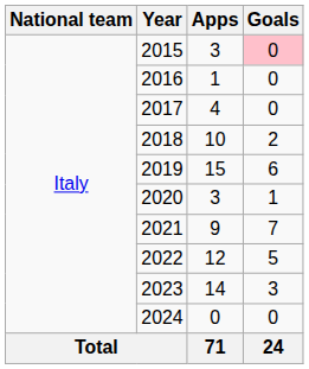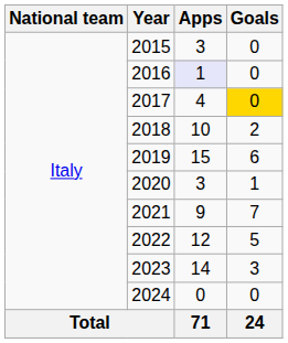 <table class="wikitable" style="text-align:center">
 <tr>
 <th>National team</th>
 <th>Year</th>
 <th>Apps</th>
 <th>Goals</th>
 </tr>
 <tr>
 <td rowspan="10"><a href='#'>Italy</a></td>
 <td>2015</td>
 <td>3</td>
-<td style="background: pink;">0</td>
+<td>0</td>
 </tr>
 <tr>
 <td>2016</td>
-<td>1</td>
+<td style="background: lavender;">1</td>
 <td>0</td>
 </tr>
 <tr>
 <td>2017</td>
 <td>4</td>
-<td>0</td>
+<td style="background: gold;">0</td>
 </tr>
 <tr>
 <td>2018</td>
 <td>10</td>
 <td>2</td>
 </tr>
 <tr>
 <td>2019</td>
 <td>15</td>
 <td>6</td>
 </tr>
 <tr>
 <td>2020</td>
 <td>3</td>
 <td>1</td>
 </tr>
 <tr>
 <td>2021</td>
 <td>9</td>
 <td>7</td>
 </tr>
 <tr>
 <td>2022</td>
 <td>12</td>
 <td>5</td>
 </tr>
 <tr>
 <td>2023</td>
 <td>14</td>
 <td>3</td>
 </tr>
 <tr>
 <td>2024</td>
 <td>0</td>
 <td>0</td>
 </tr>
 <tr>
 <th colspan="2">Total</th>
 <th>71</th>
 <th>24</th>
 </tr>
 </table>
